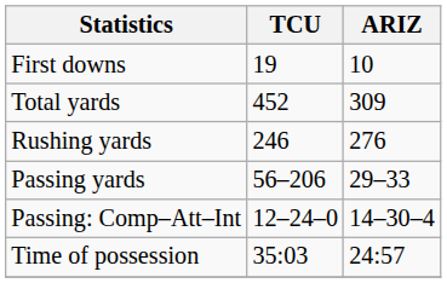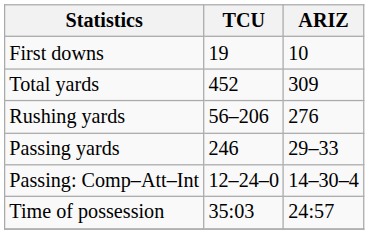 <table class="wikitable" style="float: left;">
 <tr>
 <th>Statistics</th>
 <th>TCU</th>
 <th>ARIZ</th>
 </tr>
 <tr>
 <td>First downs</td>
 <td>19</td>
 <td>10</td>
 </tr>
 <tr>
 <td>Total yards</td>
 <td>452</td>
 <td>309</td>
 </tr>
 <tr>
 <td>Rushing yards</td>
-<td>246</td>
+<td>56–206</td>
 <td>276</td>
 </tr>
 <tr>
 <td>Passing yards</td>
-<td>56–206</td>
+<td>246</td>
 <td>29–33</td>
 </tr>
 <tr>
 <td>Passing: Comp–Att–Int</td>
 <td>12–24–0</td>
 <td>14–30–4</td>
 </tr>
 <tr>
 <td>Time of possession</td>
 <td>35:03</td>
 <td>24:57</td>
 </tr>
 <tr>
 </tr>
 </table>
